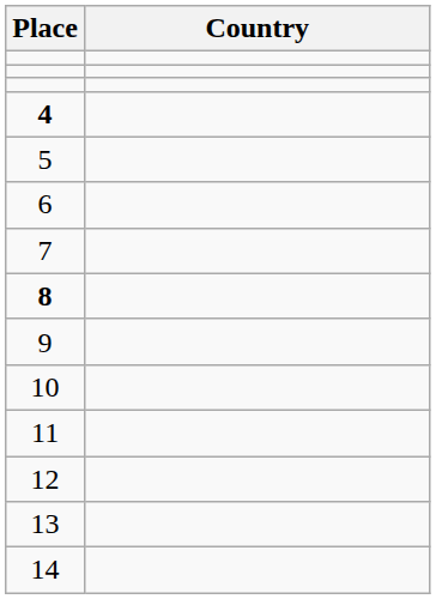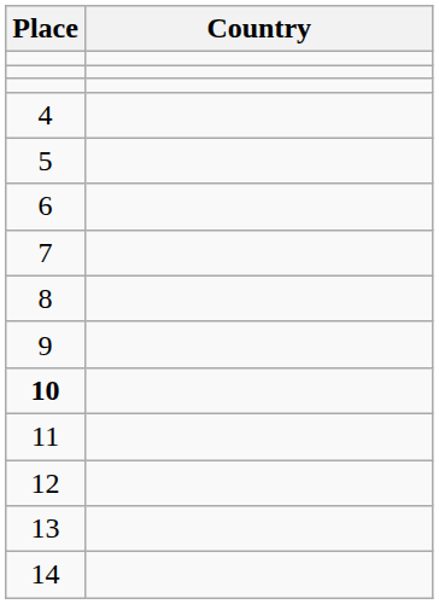 <table class=wikitable style=text-align:center>
 <tr>
 <th width=35>Place</th>
 <th width=185>Country</th>
 </tr>
 <tr>
 <td></td>
 <td style=text-align:left></td>
 </tr>
 <tr>
 <td></td>
 <td style=text-align:left></td>
 </tr>
 <tr>
 <td></td>
 <td style=text-align:left></td>
 </tr>
 <tr>
-<td><strong>4</strong></td>
+<td>4</td>
 <td style=text-align:left></td>
 </tr>
 <tr>
 <td>5</td>
 <td style=text-align:left></td>
 </tr>
 <tr>
 <td>6</td>
 <td style=text-align:left></td>
 </tr>
 <tr>
 <td>7</td>
 <td style=text-align:left></td>
 </tr>
 <tr>
-<td><strong>8</strong></td>
+<td>8</td>
 <td style=text-align:left></td>
 </tr>
 <tr>
 <td>9</td>
 <td style=text-align:left></td>
 </tr>
 <tr>
-<td>10</td>
+<td><strong>10</strong></td>
 <td style=text-align:left></td>
 </tr>
 <tr>
 <td>11</td>
 <td style=text-align:left></td>
 </tr>
 <tr>
 <td>12</td>
 <td style=text-align:left></td>
 </tr>
 <tr>
 <td>13</td>
 <td style=text-align:left></td>
 </tr>
 <tr>
 <td>14</td>
 <td style=text-align:left></td>
 </tr>
 </table>
